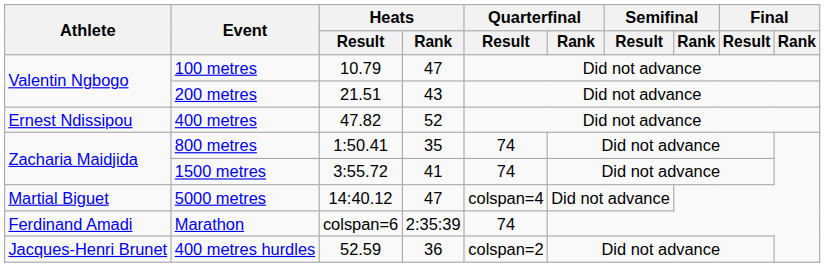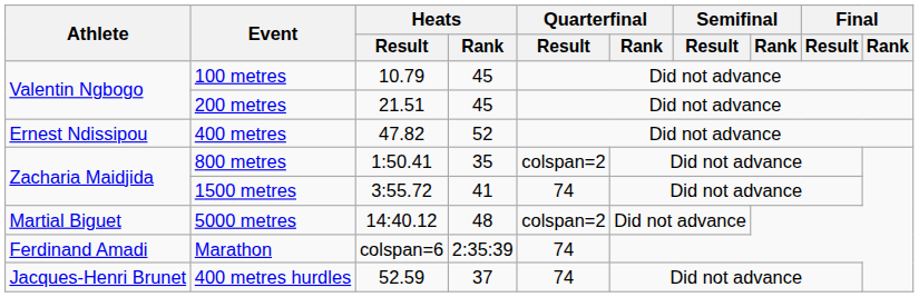 <table class="wikitable" style="font-size:90%">
 <tr>
 <th rowspan="2">Athlete</th>
 <th rowspan="2">Event</th>
 <th colspan="2">Heats</th>
 <th colspan="2">Quarterfinal</th>
 <th colspan="2">Semifinal</th>
 <th colspan="2">Final</th>
 </tr>
 <tr style="font-size:95%">
 <th>Result</th>
 <th>Rank</th>
 <th>Result</th>
 <th>Rank</th>
 <th>Result</th>
 <th>Rank</th>
 <th>Result</th>
 <th>Rank</th>
 </tr>
 <tr align=center>
 <td align=left rowspan=2><a href='#'>Valentin Ngbogo</a></td>
 <td align=left><a href='#'>100 metres</a></td>
 <td>10.79</td>
-<td>47</td>
+<td>45</td>
 <td colspan=6>Did not advance</td>
 </tr>
 <tr align=center>
 <td align=left><a href='#'>200 metres</a></td>
 <td>21.51</td>
-<td>43</td>
+<td>45</td>
 <td colspan=6>Did not advance</td>
 </tr>
 <tr align=center>
 <td align=left><a href='#'>Ernest Ndissipou</a></td>
 <td align=left><a href='#'>400 metres</a></td>
 <td>47.82</td>
 <td>52</td>
 <td colspan=6>Did not advance</td>
 </tr>
 <tr align=center>
 <td align=left rowspan=2><a href='#'>Zacharia Maidjida</a></td>
 <td align=left><a href='#'>800 metres</a></td>
 <td>1:50.41</td>
 <td>35</td>
-<td>74</td>
+<td>colspan=2</td>
 <td colspan=4>Did not advance</td>
 </tr>
 <tr align=center>
 <td align=left><a href='#'>1500 metres</a></td>
 <td>3:55.72</td>
 <td>41</td>
 <td>74</td>
 <td colspan=4>Did not advance</td>
 </tr>
 <tr align=center>
 <td align=left><a href='#'>Martial Biguet</a></td>
 <td align=left><a href='#'>5000 metres</a></td>
 <td>14:40.12</td>
-<td>47</td>
-<td>colspan=4</td>
+<td>48</td>
+<td>colspan=2</td>
 <td colspan=2>Did not advance</td>
 </tr>
 <tr align=center>
 <td align=left><a href='#'>Ferdinand Amadi</a></td>
 <td align=left><a href='#'>Marathon</a></td>
 <td>colspan=6</td>
 <td>2:35:39</td>
 <td>74</td>
 </tr>
 <tr align=center>
 <td align=left><a href='#'>Jacques-Henri Brunet</a></td>
 <td align=left><a href='#'>400 metres hurdles</a></td>
 <td>52.59</td>
-<td>36</td>
-<td>colspan=2</td>
+<td>37</td>
+<td>74</td>
 <td colspan=4>Did not advance</td>
 </tr>
 </table>
